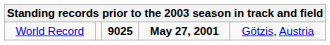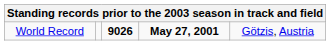 <table class="wikitable" style=" text-align:center;">
 <tr>
 <th colspan="5">Standing records prior to the 2003 season in track and field</th>
 </tr>
 <tr>
 <td><a href='#'>World Record</a></td>
 <td></td>
-<td><strong>9025</strong></td>
+<td><strong>9026</strong></td>
 <td><strong>May 27, 2001</strong></td>
 <td> <a href='#'>Götzis</a>, <a href='#'>Austria</a></td>
 </tr>
 </table>
